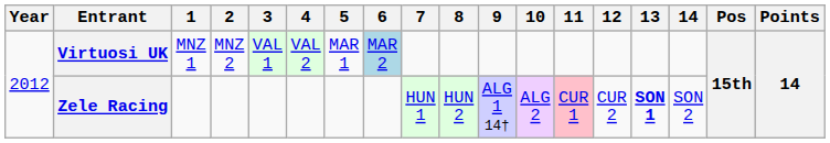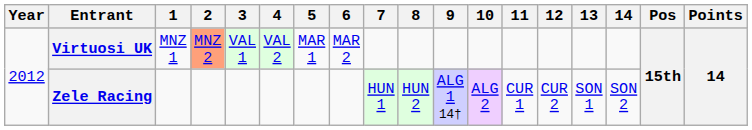 <table class="wikitable" style="text-align:center; font-size:85%">
 <tr>
 <th>Year</th>
 <th>Entrant</th>
 <th>1</th>
 <th>2</th>
 <th>3</th>
 <th>4</th>
 <th>5</th>
 <th>6</th>
 <th>7</th>
 <th>8</th>
 <th>9</th>
 <th>10</th>
 <th>11</th>
 <th>12</th>
 <th>13</th>
 <th>14</th>
 <th>Pos</th>
 <th>Points</th>
 </tr>
 <tr>
 <td rowspan=2><a href='#'>2012</a></td>
 <th nowrap><a href='#'>Virtuosi UK</a></th>
 <td><a href='#'>MNZ<br>1</a></td>
-<td><a href='#'>MNZ<br>2</a></td>
+<td style="background: lightsalmon;"><a href='#'>MNZ<br>2</a></td>
 <td style="background:#DFFFDF;"><a href='#'>VAL<br>1</a><br></td>
 <td style="background:#DFFFDF;"><a href='#'>VAL<br>2</a><br></td>
 <td><a href='#'>MAR<br>1</a></td>
-<td style="background: lightblue;"><a href='#'>MAR<br>2</a></td>
+<td><a href='#'>MAR<br>2</a></td>
 <td></td>
 <td></td>
 <td></td>
 <td></td>
 <td></td>
 <td></td>
 <td></td>
 <td></td>
 <th rowspan=2>15th</th>
 <th rowspan=2>14</th>
 </tr>
 <tr>
 <th nowrap><a href='#'>Zele Racing</a></th>
 <td></td>
 <td></td>
 <td></td>
 <td></td>
 <td></td>
 <td></td>
 <td style="background:#DFFFDF;"><a href='#'>HUN<br>1</a><br></td>
 <td style="background:#DFFFDF;"><a href='#'>HUN<br>2</a><br></td>
 <td style="background:#CFCFFF;"><a href='#'>ALG<br>1</a><br><small>14†</small></td>
 <td style="background:#EFCFFF;"><a href='#'>ALG<br>2</a><br></td>
-<td style="background: pink;"><a href='#'>CUR<br>1</a></td>
+<td><a href='#'>CUR<br>1</a></td>
 <td><a href='#'>CUR<br>2</a></td>
-<td><strong><a href='#'>SON<br>1</a></strong></td>
+<td><a href='#'>SON<br>1</a></td>
 <td><a href='#'>SON<br>2</a></td>
 </tr>
 </table>
